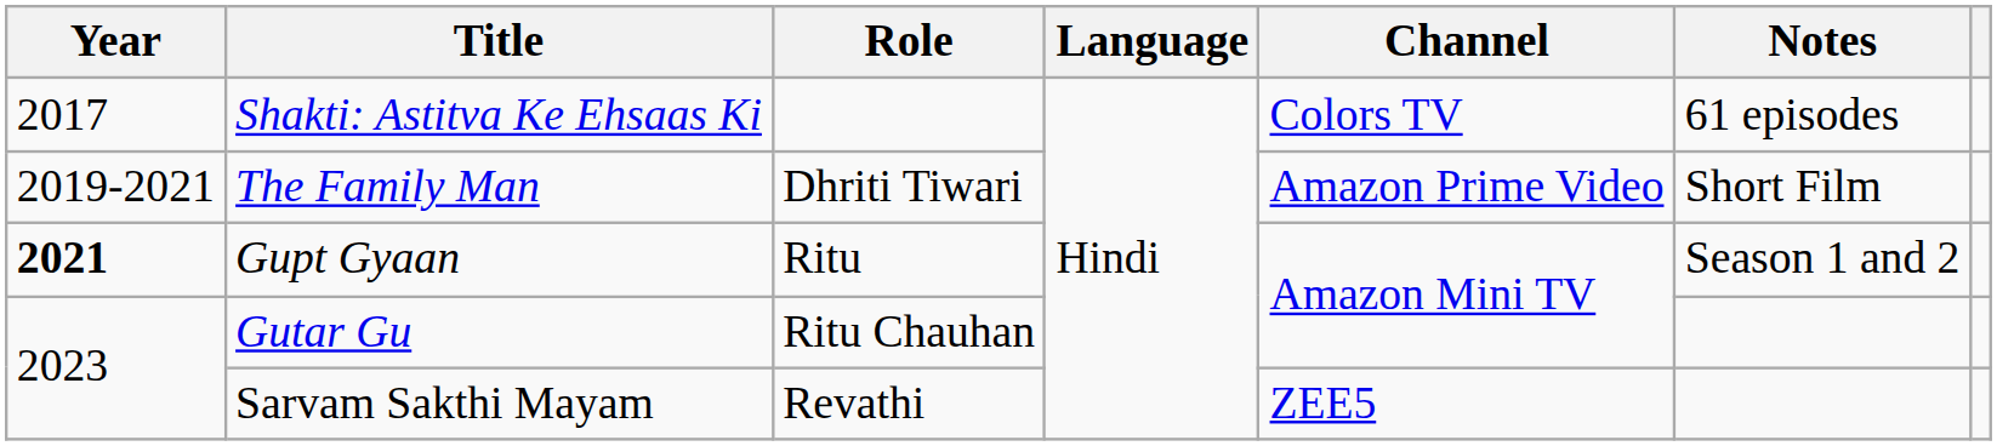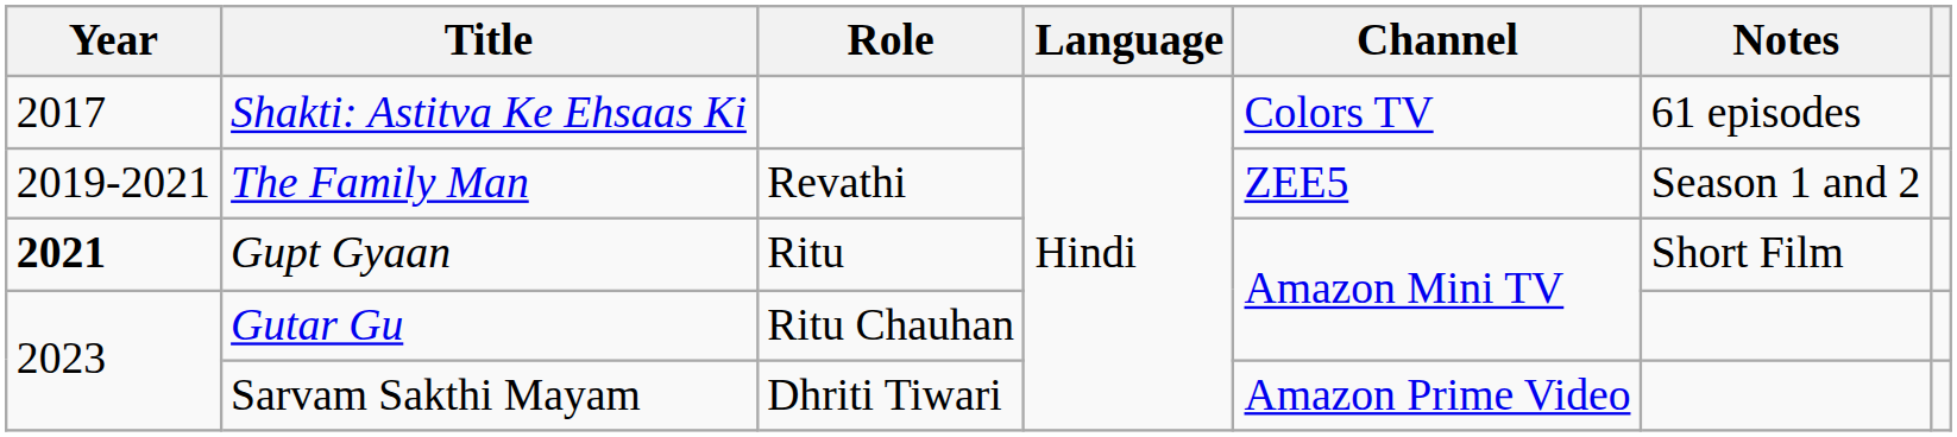 <table class="wikitable wiki table">
 <tr>
 <th>Year</th>
 <th>Title</th>
 <th>Role</th>
 <th>Language</th>
 <th>Channel</th>
 <th>Notes</th>
 <th></th>
 </tr>
 <tr>
 <td>2017</td>
 <td><em><a href='#'>Shakti: Astitva Ke Ehsaas Ki</a></em></td>
 <td></td>
 <td rowspan="5">Hindi</td>
 <td><a href='#'>Colors TV</a></td>
 <td>61 episodes</td>
 <td></td>
 </tr>
 <tr>
 <td>2019-2021</td>
 <td><em><a href='#'>The Family Man</a></em></td>
-<td>Dhriti Tiwari</td>
-<td><a href='#'>Amazon Prime Video</a></td>
-<td>Short Film</td>
+<td>Revathi</td>
+<td><a href='#'>ZEE5</a></td>
+<td>Season 1 and 2</td>
 <td></td>
 </tr>
 <tr>
 <td><strong>2021</strong></td>
 <td><em>Gupt Gyaan</em></td>
 <td>Ritu</td>
 <td rowspan="2"><a href='#'>Amazon Mini TV</a></td>
-<td>Season 1 and 2</td>
+<td>Short Film</td>
 <td></td>
 </tr>
 <tr>
 <td rowspan="2">2023</td>
 <td><em><a href='#'>Gutar Gu</a></em></td>
 <td>Ritu Chauhan</td>
 <td></td>
 <td></td>
 </tr>
 <tr>
 <td>Sarvam Sakthi Mayam</td>
-<td>Revathi</td>
-<td><a href='#'>ZEE5</a></td>
+<td>Dhriti Tiwari</td>
+<td><a href='#'>Amazon Prime Video</a></td>
 <td></td>
 <td></td>
 </tr>
 </table>
